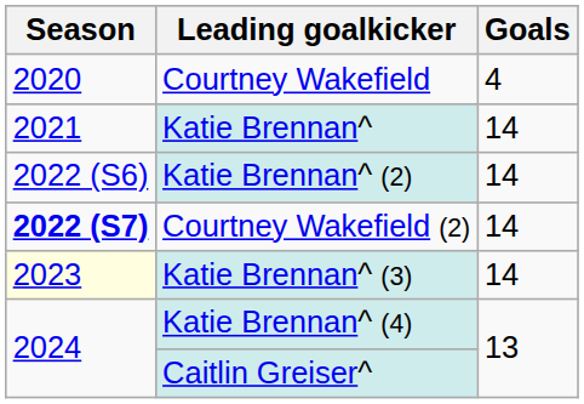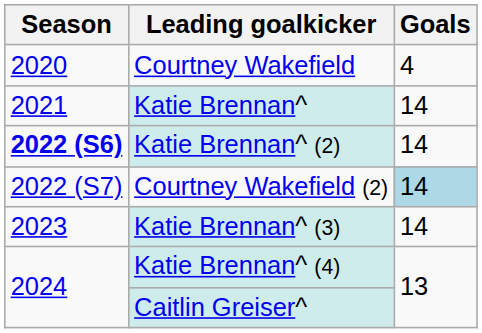 <table class="wikitable sortable">
 <tr>
 <th>Season</th>
 <th>Leading goalkicker</th>
 <th>Goals</th>
 </tr>
 <tr>
 <td><a href='#'>2020</a></td>
 <td><a href='#'>Courtney Wakefield</a></td>
 <td>4</td>
 </tr>
 <tr>
 <td><a href='#'>2021</a></td>
 <td style="background-color:#CFECEC"><a href='#'>Katie Brennan</a>^</td>
 <td>14</td>
 </tr>
 <tr>
-<td><a href='#'>2022 (S6)</a></td>
+<td><strong><a href='#'>2022 (S6)</a></strong></td>
 <td style="background-color:#CFECEC"><a href='#'>Katie Brennan</a>^ <small>(2)</small></td>
 <td>14</td>
 </tr>
 <tr>
-<td><strong><a href='#'>2022 (S7)</a></strong></td>
+<td><a href='#'>2022 (S7)</a></td>
 <td><a href='#'>Courtney Wakefield</a> <small>(2)</small></td>
-<td>14</td>
+<td style="background: lightblue;">14</td>
 </tr>
 <tr>
-<td style="background: lightyellow;"><a href='#'>2023</a></td>
+<td><a href='#'>2023</a></td>
 <td style="background-color:#CFECEC"><a href='#'>Katie Brennan</a>^ <small>(3)</small></td>
 <td>14</td>
 </tr>
 <tr>
 <td rowspan="2"><a href='#'>2024</a></td>
 <td style="background-color:#CFECEC"><a href='#'>Katie Brennan</a>^ <small>(4)</small></td>
 <td rowspan="2">13</td>
 </tr>
 <tr>
 <td style="background-color:#CFECEC"><a href='#'>Caitlin Greiser</a>^</td>
 </tr>
 </table>
